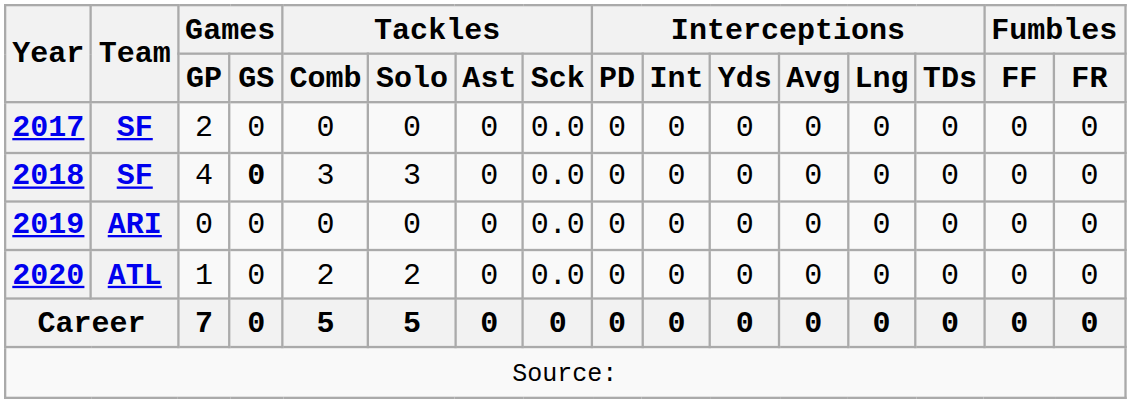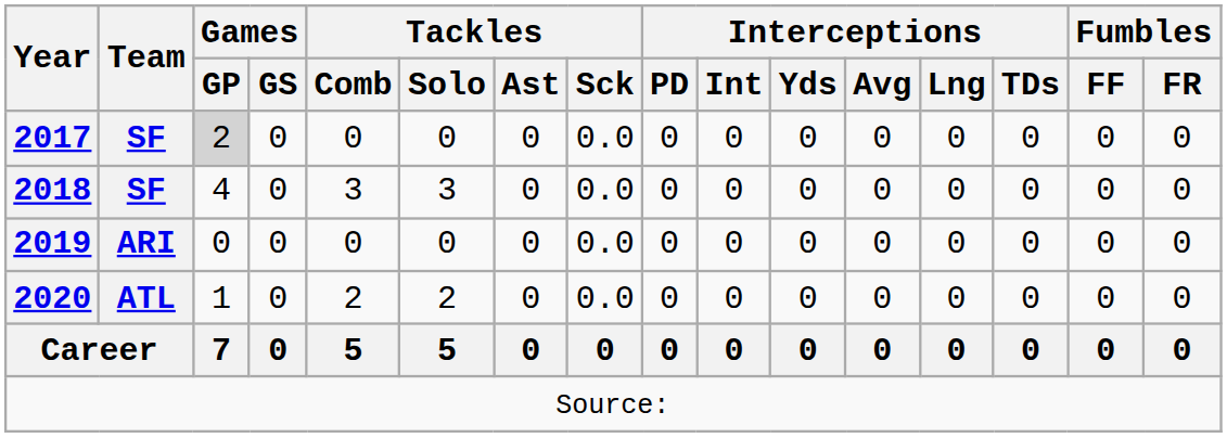 <table class="wikitable" style="text-align: center;">
 <tr>
 <th rowspan="2">Year</th>
 <th rowspan="2">Team</th>
 <th colspan="2">Games</th>
 <th colspan="4">Tackles</th>
 <th colspan="6">Interceptions</th>
 <th colspan="2">Fumbles</th>
 </tr>
 <tr>
 <th>GP</th>
 <th>GS</th>
 <th>Comb</th>
 <th>Solo</th>
 <th>Ast</th>
 <th>Sck</th>
 <th>PD</th>
 <th>Int</th>
 <th>Yds</th>
 <th>Avg</th>
 <th>Lng</th>
 <th>TDs</th>
 <th>FF</th>
 <th>FR</th>
 </tr>
 <tr>
 <th><a href='#'>2017</a></th>
 <th><a href='#'>SF</a></th>
-<td>2</td>
+<td style="background: lightgrey;">2</td>
 <td>0</td>
 <td>0</td>
 <td>0</td>
 <td>0</td>
 <td>0.0</td>
 <td>0</td>
 <td>0</td>
 <td>0</td>
 <td>0</td>
 <td>0</td>
 <td>0</td>
 <td>0</td>
 <td>0</td>
 </tr>
 <tr>
 <th><a href='#'>2018</a></th>
 <th><a href='#'>SF</a></th>
 <td>4</td>
-<td><strong>0</strong></td>
+<td>0</td>
 <td>3</td>
 <td>3</td>
 <td>0</td>
 <td>0.0</td>
 <td>0</td>
 <td>0</td>
 <td>0</td>
 <td>0</td>
 <td>0</td>
 <td>0</td>
 <td>0</td>
 <td>0</td>
 </tr>
 <tr>
 <th><a href='#'>2019</a></th>
 <th><a href='#'>ARI</a></th>
 <td>0</td>
 <td>0</td>
 <td>0</td>
 <td>0</td>
 <td>0</td>
 <td>0.0</td>
 <td>0</td>
 <td>0</td>
 <td>0</td>
 <td>0</td>
 <td>0</td>
 <td>0</td>
 <td>0</td>
 <td>0</td>
 </tr>
 <tr>
 <th><a href='#'>2020</a></th>
 <th><a href='#'>ATL</a></th>
 <td>1</td>
 <td>0</td>
 <td>2</td>
 <td>2</td>
 <td>0</td>
 <td>0.0</td>
 <td>0</td>
 <td>0</td>
 <td>0</td>
 <td>0</td>
 <td>0</td>
 <td>0</td>
 <td>0</td>
 <td>0</td>
 </tr>
 <tr>
 <th colspan="2">Career</th>
 <th>7</th>
 <th>0</th>
 <th>5</th>
 <th>5</th>
 <th>0</th>
 <th>0</th>
 <th>0</th>
 <th>0</th>
 <th>0</th>
 <th>0</th>
 <th>0</th>
 <th>0</th>
 <th>0</th>
 <th>0</th>
 </tr>
 <tr>
 <td colspan="17"><small>Source: </small></td>
 </tr>
 </table>
